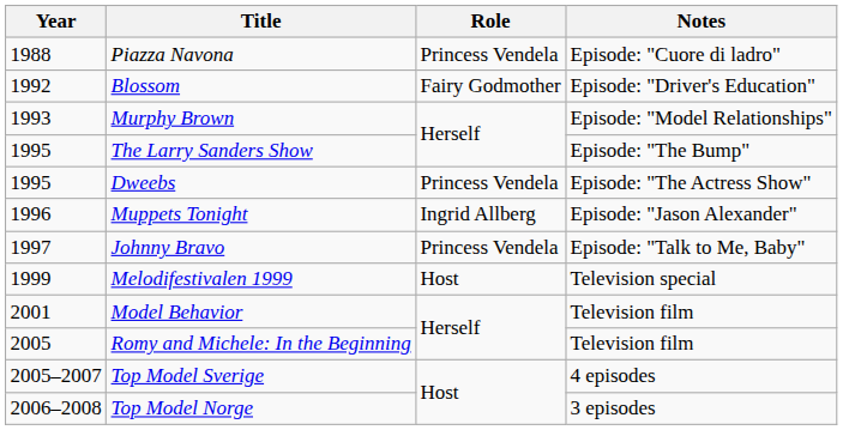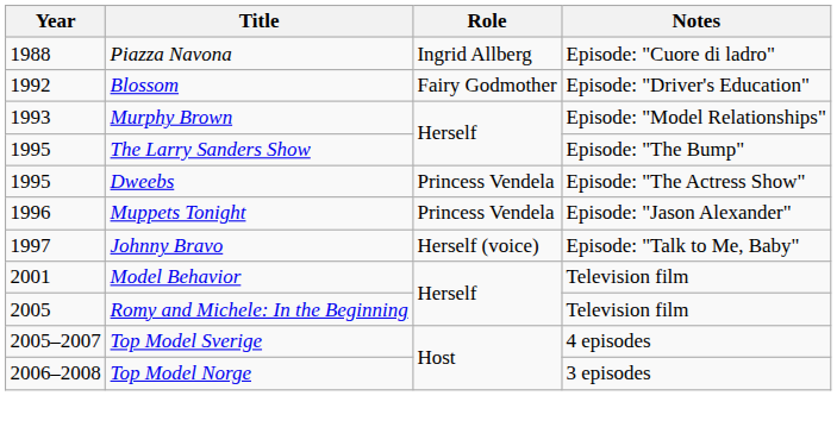 <table class="wikitable sortable">
 <tr>
 <th>Year</th>
 <th>Title</th>
 <th>Role</th>
 <th>Notes</th>
 </tr>
 <tr>
 <td>1988</td>
 <td><em>Piazza Navona</em></td>
-<td>Princess Vendela</td>
+<td>Ingrid Allberg</td>
 <td>Episode: "Cuore di ladro"</td>
 </tr>
 <tr>
 <td>1992</td>
 <td><a href='#'><em>Blossom</em></a></td>
 <td>Fairy Godmother</td>
 <td>Episode: "Driver's Education"</td>
 </tr>
 <tr>
 <td>1993</td>
 <td><em><a href='#'>Murphy Brown</a></em></td>
 <td rowspan="2”">Herself</td>
 <td>Episode: "Model Relationships"</td>
 </tr>
 <tr>
 <td>1995</td>
 <td><em><a href='#'>The Larry Sanders Show</a></em></td>
 <td>Episode: "The Bump"</td>
 </tr>
 <tr>
 <td>1995</td>
 <td><a href='#'><em>Dweebs</em></a></td>
 <td>Princess Vendela</td>
 <td>Episode: "The Actress Show"</td>
 </tr>
 <tr>
 <td>1996</td>
 <td><em><a href='#'>Muppets Tonight</a></em></td>
-<td>Ingrid Allberg</td>
+<td>Princess Vendela</td>
 <td>Episode: "Jason Alexander"</td>
 </tr>
 <tr>
 <td>1997</td>
 <td><em><a href='#'>Johnny Bravo</a></em></td>
-<td>Princess Vendela</td>
+<td>Herself (voice)</td>
 <td>Episode: "Talk to Me, Baby"</td>
-</tr>
-<tr>
-<td>1999</td>
-<td><em><a href='#'>Melodifestivalen 1999</a></em></td>
-<td>Host</td>
-<td>Television special</td>
 </tr>
 <tr>
 <td>2001</td>
 <td><em><a href='#'>Model Behavior</a></em></td>
 <td rowspan="2">Herself</td>
 <td>Television film</td>
 </tr>
 <tr>
 <td>2005</td>
 <td><em><a href='#'>Romy and Michele: In the Beginning</a></em></td>
 <td>Television film</td>
 </tr>
 <tr>
 <td>2005–2007</td>
 <td><em><a href='#'>Top Model Sverige</a></em></td>
 <td rowspan="2">Host</td>
 <td>4 episodes</td>
 </tr>
 <tr>
 <td>2006–2008</td>
 <td><em><a href='#'>Top Model Norge</a></em></td>
 <td>3 episodes</td>
 </tr>
 </table>
